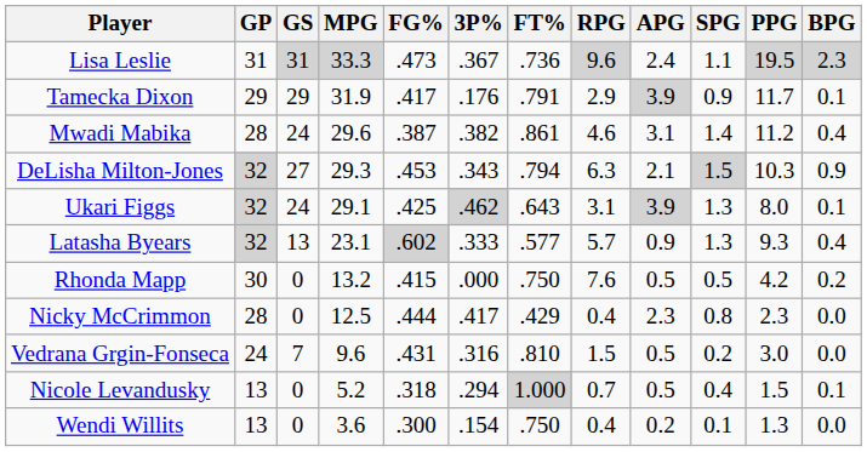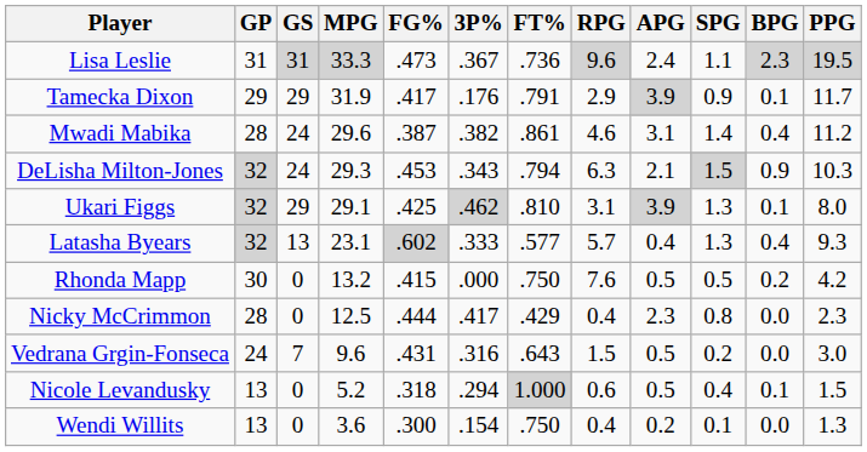 <table class="wikitable sortable" style="text-align:center;">
 <tr>
 <th>Player</th>
 <th>GP</th>
 <th>GS</th>
 <th>MPG</th>
 <th>FG%</th>
 <th>3P%</th>
 <th>FT%</th>
 <th>RPG</th>
 <th>APG</th>
 <th>SPG</th>
+<th>BPG</th>
 <th>PPG</th>
-<th>BPG</th>
 </tr>
 <tr>
 <td><a href='#'>Lisa Leslie</a></td>
 <td>31</td>
 <td style="background:#D3D3D3;">31</td>
 <td style="background:#D3D3D3;">33.3</td>
 <td>.473</td>
 <td>.367</td>
 <td>.736</td>
 <td style="background:#D3D3D3;">9.6</td>
 <td>2.4</td>
 <td>1.1</td>
+<td style="background:#D3D3D3;">2.3</td>
 <td style="background:#D3D3D3;">19.5</td>
-<td style="background:#D3D3D3;">2.3</td>
 </tr>
 <tr>
 <td><a href='#'>Tamecka Dixon</a></td>
 <td>29</td>
 <td>29</td>
 <td>31.9</td>
 <td>.417</td>
 <td>.176</td>
 <td>.791</td>
 <td>2.9</td>
 <td style="background:#D3D3D3;">3.9</td>
 <td>0.9</td>
+<td>0.1</td>
 <td>11.7</td>
-<td>0.1</td>
 </tr>
 <tr>
 <td><a href='#'>Mwadi Mabika</a></td>
 <td>28</td>
 <td>24</td>
 <td>29.6</td>
 <td>.387</td>
 <td>.382</td>
 <td>.861</td>
 <td>4.6</td>
 <td>3.1</td>
 <td>1.4</td>
+<td>0.4</td>
 <td>11.2</td>
-<td>0.4</td>
 </tr>
 <tr>
 <td><a href='#'>DeLisha Milton-Jones</a></td>
 <td style="background:#D3D3D3;">32</td>
-<td>27</td>
+<td>24</td>
 <td>29.3</td>
 <td>.453</td>
 <td>.343</td>
 <td>.794</td>
 <td>6.3</td>
 <td>2.1</td>
 <td style="background:#D3D3D3;">1.5</td>
+<td>0.9</td>
 <td>10.3</td>
-<td>0.9</td>
 </tr>
 <tr>
 <td><a href='#'>Ukari Figgs</a></td>
 <td style="background:#D3D3D3;">32</td>
-<td>24</td>
+<td>29</td>
 <td>29.1</td>
 <td>.425</td>
 <td style="background:#D3D3D3;">.462</td>
-<td>.643</td>
+<td>.810</td>
 <td>3.1</td>
 <td style="background:#D3D3D3;">3.9</td>
 <td>1.3</td>
+<td>0.1</td>
 <td>8.0</td>
-<td>0.1</td>
 </tr>
 <tr>
 <td><a href='#'>Latasha Byears</a></td>
 <td style="background:#D3D3D3;">32</td>
 <td>13</td>
 <td>23.1</td>
 <td style="background:#D3D3D3;">.602</td>
 <td>.333</td>
 <td>.577</td>
 <td>5.7</td>
-<td>0.9</td>
+<td>0.4</td>
 <td>1.3</td>
+<td>0.4</td>
 <td>9.3</td>
-<td>0.4</td>
 </tr>
 <tr>
 <td><a href='#'>Rhonda Mapp</a></td>
 <td>30</td>
 <td>0</td>
 <td>13.2</td>
 <td>.415</td>
 <td>.000</td>
 <td>.750</td>
 <td>7.6</td>
 <td>0.5</td>
 <td>0.5</td>
+<td>0.2</td>
 <td>4.2</td>
-<td>0.2</td>
 </tr>
 <tr>
 <td><a href='#'>Nicky McCrimmon</a></td>
 <td>28</td>
 <td>0</td>
 <td>12.5</td>
 <td>.444</td>
 <td>.417</td>
 <td>.429</td>
 <td>0.4</td>
 <td>2.3</td>
 <td>0.8</td>
+<td>0.0</td>
 <td>2.3</td>
-<td>0.0</td>
 </tr>
 <tr>
 <td><a href='#'>Vedrana Grgin-Fonseca</a></td>
 <td>24</td>
 <td>7</td>
 <td>9.6</td>
 <td>.431</td>
 <td>.316</td>
-<td>.810</td>
+<td>.643</td>
 <td>1.5</td>
 <td>0.5</td>
 <td>0.2</td>
+<td>0.0</td>
 <td>3.0</td>
-<td>0.0</td>
 </tr>
 <tr>
 <td><a href='#'>Nicole Levandusky</a></td>
 <td>13</td>
 <td>0</td>
 <td>5.2</td>
 <td>.318</td>
 <td>.294</td>
 <td style="background:#D3D3D3;">1.000</td>
-<td>0.7</td>
+<td>0.6</td>
 <td>0.5</td>
 <td>0.4</td>
+<td>0.1</td>
 <td>1.5</td>
-<td>0.1</td>
 </tr>
 <tr>
 <td><a href='#'>Wendi Willits</a></td>
 <td>13</td>
 <td>0</td>
 <td>3.6</td>
 <td>.300</td>
 <td>.154</td>
 <td>.750</td>
 <td>0.4</td>
 <td>0.2</td>
 <td>0.1</td>
+<td>0.0</td>
 <td>1.3</td>
-<td>0.0</td>
 </tr>
 </table>
